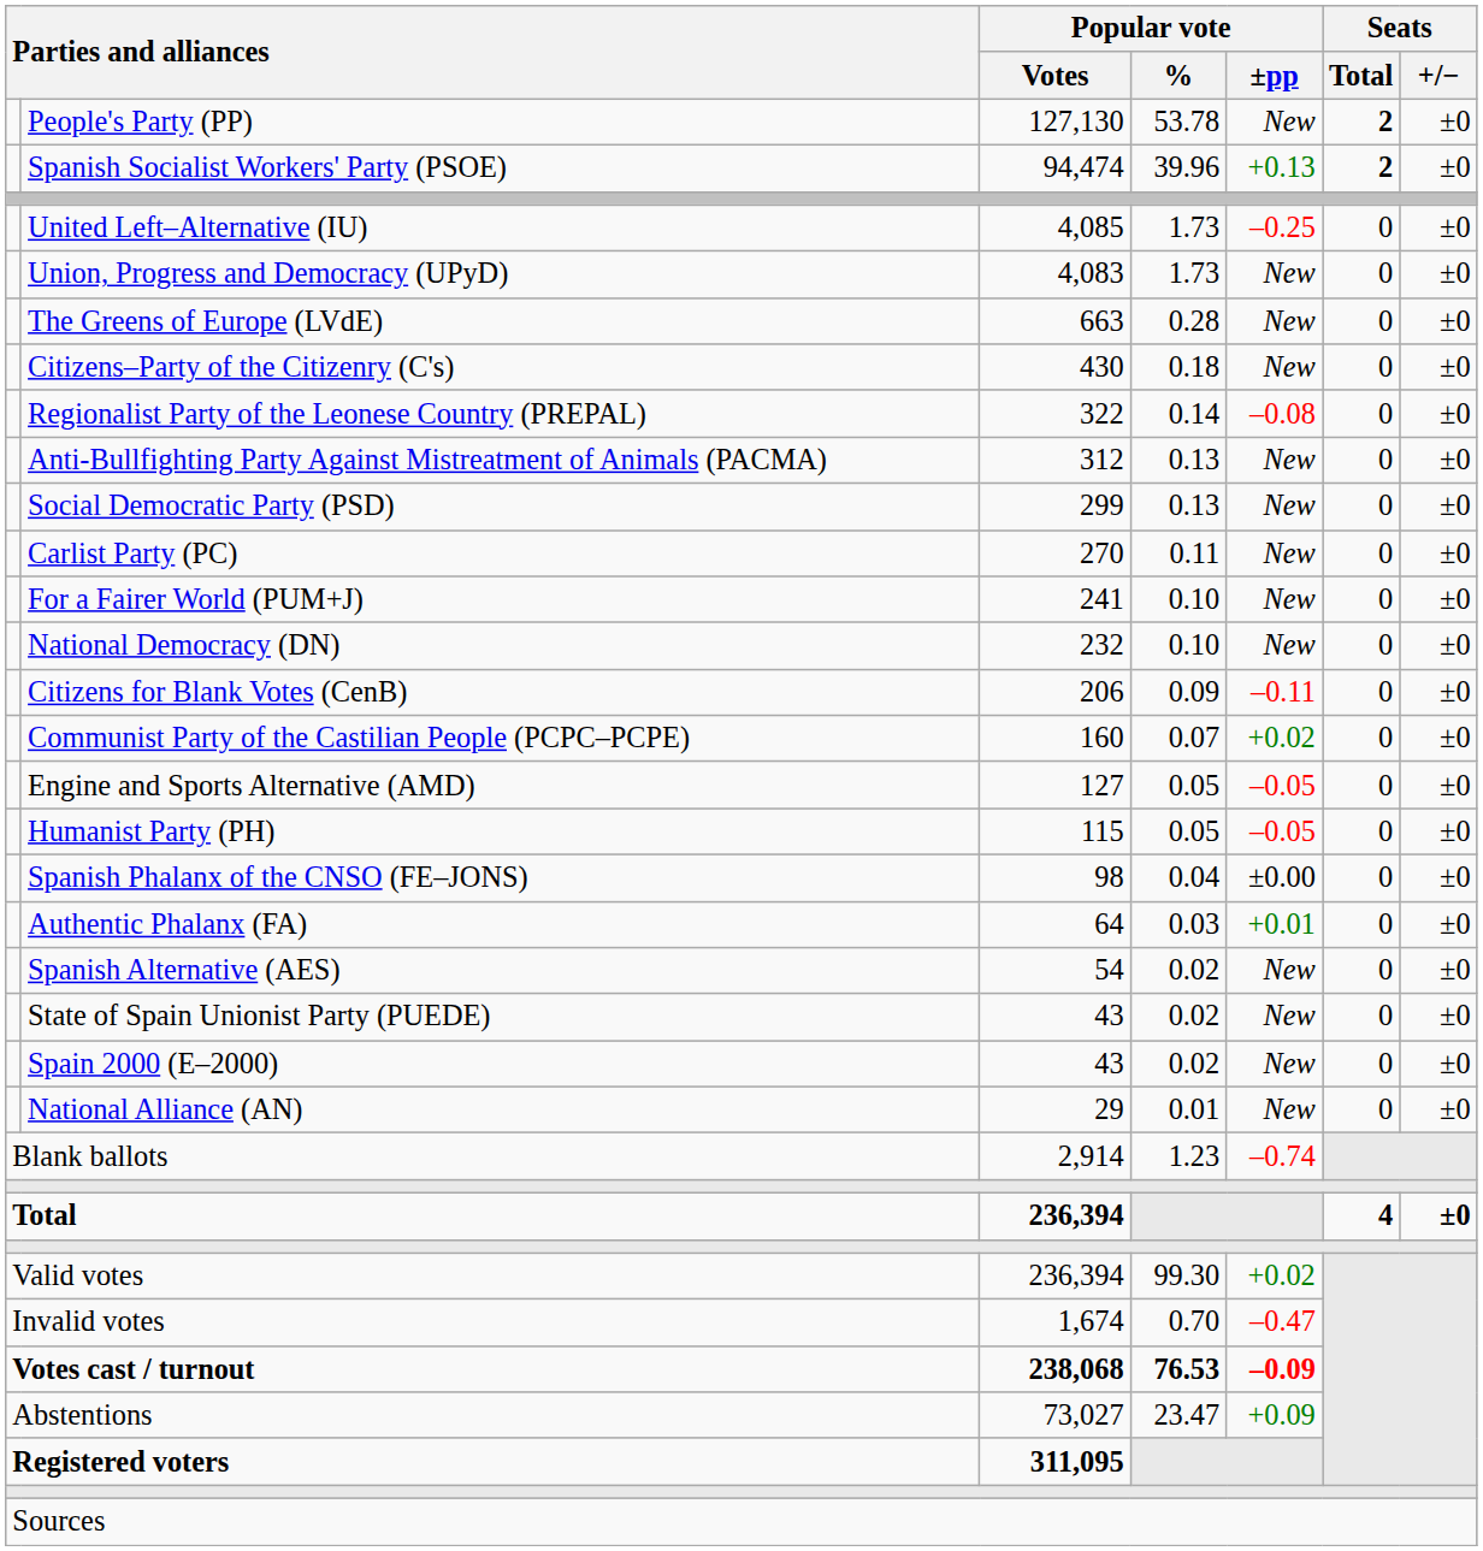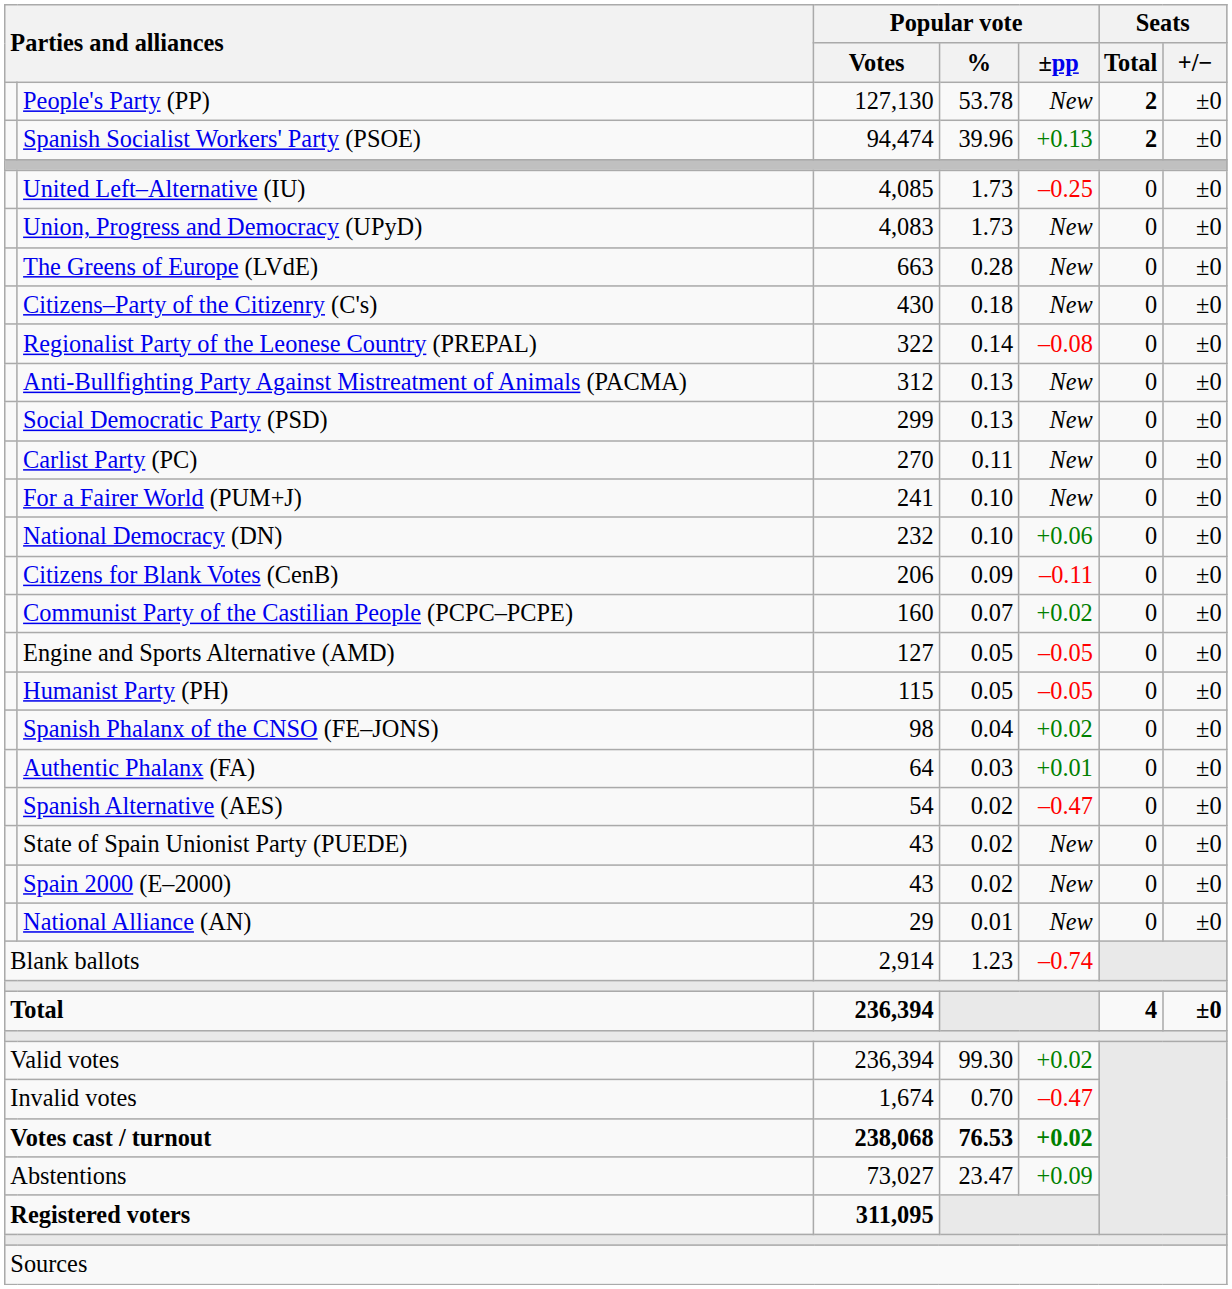 <table class="wikitable" style="text-align:right;">
 <tr>
 <th style="text-align:left;" rowspan="2" colspan="2" width="525">Parties and alliances</th>
 <th colspan="3">Popular vote</th>
 <th colspan="2">Seats</th>
 </tr>
 <tr>
 <th width="75">Votes</th>
 <th width="45">%</th>
 <th width="45">±<a href='#'>pp</a></th>
 <th width="35">Total</th>
 <th width="35">+/−</th>
 </tr>
 <tr>
 <td width="1" style="color:inherit;background:"></td>
 <td align="left"><a href='#'>People's Party</a> (PP)</td>
 <td>127,130</td>
 <td>53.78</td>
 <td><em>New</em></td>
 <td><strong>2</strong></td>
 <td>±0</td>
 </tr>
 <tr>
 <td style="color:inherit;background:"></td>
 <td align="left"><a href='#'>Spanish Socialist Workers' Party</a> (PSOE)</td>
 <td>94,474</td>
 <td>39.96</td>
 <td style="color:green;">+0.13</td>
 <td><strong>2</strong></td>
 <td>±0</td>
 </tr>
 <tr>
 <td colspan="7" bgcolor="#C0C0C0"></td>
 </tr>
 <tr>
 <td style="color:inherit;background:"></td>
 <td align="left"><a href='#'>United Left–Alternative</a> (IU)</td>
 <td>4,085</td>
 <td>1.73</td>
 <td style="color:red;">–0.25</td>
 <td>0</td>
 <td>±0</td>
 </tr>
 <tr>
 <td style="color:inherit;background:"></td>
 <td align="left"><a href='#'>Union, Progress and Democracy</a> (UPyD)</td>
 <td>4,083</td>
 <td>1.73</td>
 <td><em>New</em></td>
 <td>0</td>
 <td>±0</td>
 </tr>
 <tr>
 <td style="color:inherit;background:"></td>
 <td align="left"><a href='#'>The Greens of Europe</a> (LVdE)</td>
 <td>663</td>
 <td>0.28</td>
 <td><em>New</em></td>
 <td>0</td>
 <td>±0</td>
 </tr>
 <tr>
 <td style="color:inherit;background:"></td>
 <td align="left"><a href='#'>Citizens–Party of the Citizenry</a> (C's)</td>
 <td>430</td>
 <td>0.18</td>
 <td><em>New</em></td>
 <td>0</td>
 <td>±0</td>
 </tr>
 <tr>
 <td style="color:inherit;background:"></td>
 <td align="left"><a href='#'>Regionalist Party of the Leonese Country</a> (PREPAL)</td>
 <td>322</td>
 <td>0.14</td>
 <td style="color:red;">–0.08</td>
 <td>0</td>
 <td>±0</td>
 </tr>
 <tr>
 <td style="color:inherit;background:"></td>
 <td align="left"><a href='#'>Anti-Bullfighting Party Against Mistreatment of Animals</a> (PACMA)</td>
 <td>312</td>
 <td>0.13</td>
 <td><em>New</em></td>
 <td>0</td>
 <td>±0</td>
 </tr>
 <tr>
 <td style="color:inherit;background:"></td>
 <td align="left"><a href='#'>Social Democratic Party</a> (PSD)</td>
 <td>299</td>
 <td>0.13</td>
 <td><em>New</em></td>
 <td>0</td>
 <td>±0</td>
 </tr>
 <tr>
 <td style="color:inherit;background:"></td>
 <td align="left"><a href='#'>Carlist Party</a> (PC)</td>
 <td>270</td>
 <td>0.11</td>
 <td><em>New</em></td>
 <td>0</td>
 <td>±0</td>
 </tr>
 <tr>
 <td style="color:inherit;background:"></td>
 <td align="left"><a href='#'>For a Fairer World</a> (PUM+J)</td>
 <td>241</td>
 <td>0.10</td>
 <td><em>New</em></td>
 <td>0</td>
 <td>±0</td>
 </tr>
 <tr>
 <td style="color:inherit;background:"></td>
 <td align="left"><a href='#'>National Democracy</a> (DN)</td>
 <td>232</td>
 <td>0.10</td>
-<td><em>New</em></td>
+<td style="color:green;">+0.06</td>
 <td>0</td>
 <td>±0</td>
 </tr>
 <tr>
 <td style="color:inherit;background:"></td>
 <td align="left"><a href='#'>Citizens for Blank Votes</a> (CenB)</td>
 <td>206</td>
 <td>0.09</td>
 <td style="color:red;">–0.11</td>
 <td>0</td>
 <td>±0</td>
 </tr>
 <tr>
 <td style="color:inherit;background:"></td>
 <td align="left"><a href='#'>Communist Party of the Castilian People</a> (PCPC–PCPE)</td>
 <td>160</td>
 <td>0.07</td>
 <td style="color:green;">+0.02</td>
 <td>0</td>
 <td>±0</td>
 </tr>
 <tr>
 <td style="color:inherit;background:"></td>
 <td align="left">Engine and Sports Alternative (AMD)</td>
 <td>127</td>
 <td>0.05</td>
 <td style="color:red;">–0.05</td>
 <td>0</td>
 <td>±0</td>
 </tr>
 <tr>
 <td style="color:inherit;background:"></td>
 <td align="left"><a href='#'>Humanist Party</a> (PH)</td>
 <td>115</td>
 <td>0.05</td>
 <td style="color:red;">–0.05</td>
 <td>0</td>
 <td>±0</td>
 </tr>
 <tr>
 <td style="color:inherit;background:"></td>
 <td align="left"><a href='#'>Spanish Phalanx of the CNSO</a> (FE–JONS)</td>
 <td>98</td>
 <td>0.04</td>
-<td>±0.00</td>
+<td style="color:green;">+0.02</td>
 <td>0</td>
 <td>±0</td>
 </tr>
 <tr>
 <td style="color:inherit;background:"></td>
 <td align="left"><a href='#'>Authentic Phalanx</a> (FA)</td>
 <td>64</td>
 <td>0.03</td>
 <td style="color:green;">+0.01</td>
 <td>0</td>
 <td>±0</td>
 </tr>
 <tr>
 <td style="color:inherit;background:"></td>
 <td align="left"><a href='#'>Spanish Alternative</a> (AES)</td>
 <td>54</td>
 <td>0.02</td>
-<td><em>New</em></td>
+<td style="color:red;">–0.47</td>
 <td>0</td>
 <td>±0</td>
 </tr>
 <tr>
 <td style="color:inherit;background:"></td>
 <td align="left">State of Spain Unionist Party (PUEDE)</td>
 <td>43</td>
 <td>0.02</td>
 <td><em>New</em></td>
 <td>0</td>
 <td>±0</td>
 </tr>
 <tr>
 <td style="color:inherit;background:"></td>
 <td align="left"><a href='#'>Spain 2000</a> (E–2000)</td>
 <td>43</td>
 <td>0.02</td>
 <td><em>New</em></td>
 <td>0</td>
 <td>±0</td>
 </tr>
 <tr>
 <td style="color:inherit;background:"></td>
 <td align="left"><a href='#'>National Alliance</a> (AN)</td>
 <td>29</td>
 <td>0.01</td>
 <td><em>New</em></td>
 <td>0</td>
 <td>±0</td>
 </tr>
 <tr>
 <td align="left" colspan="2">Blank ballots</td>
 <td>2,914</td>
 <td>1.23</td>
 <td style="color:red;">–0.74</td>
 <td bgcolor="#E9E9E9" colspan="2"></td>
 </tr>
 <tr>
 <td colspan="7" bgcolor="#E9E9E9"></td>
 </tr>
 <tr style="font-weight:bold;">
 <td align="left" colspan="2">Total</td>
 <td>236,394</td>
 <td bgcolor="#E9E9E9" colspan="2"></td>
 <td>4</td>
 <td>±0</td>
 </tr>
 <tr>
 <td colspan="7" bgcolor="#E9E9E9"></td>
 </tr>
 <tr>
 <td align="left" colspan="2">Valid votes</td>
 <td>236,394</td>
 <td>99.30</td>
 <td style="color:green;">+0.02</td>
 <td bgcolor="#E9E9E9" colspan="2" rowspan="5"></td>
 </tr>
 <tr>
 <td align="left" colspan="2">Invalid votes</td>
 <td>1,674</td>
 <td>0.70</td>
 <td style="color:red;">–0.47</td>
 </tr>
 <tr style="font-weight:bold;">
 <td align="left" colspan="2">Votes cast / turnout</td>
 <td>238,068</td>
 <td>76.53</td>
-<td style="color:red;">–0.09</td>
+<td style="color:green;">+0.02</td>
 </tr>
 <tr>
 <td align="left" colspan="2">Abstentions</td>
 <td>73,027</td>
 <td>23.47</td>
 <td style="color:green;">+0.09</td>
 </tr>
 <tr style="font-weight:bold;">
 <td align="left" colspan="2">Registered voters</td>
 <td>311,095</td>
 <td bgcolor="#E9E9E9" colspan="2"></td>
 </tr>
 <tr>
 <td colspan="7" bgcolor="#E9E9E9"></td>
 </tr>
 <tr>
 <td align="left" colspan="7">Sources</td>
 </tr>
 </table>
